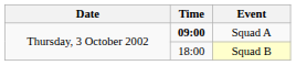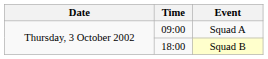 <table class = "wikitable" style="text-align:center;">
 <tr>
 <th width=220>Date</th>
 <th width=50>Time</th>
 <th width=100>Event</th>
 </tr>
 <tr>
 <td rowspan=2>Thursday, 3 October 2002</td>
-<td><strong>09:00</strong></td>
+<td>09:00</td>
 <td>Squad A</td>
 </tr>
 <tr>
 <td>18:00</td>
 <td bgcolor=ffffcc>Squad B</td>
 </tr>
 </table>
